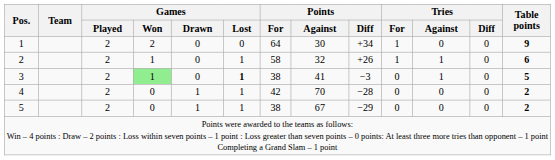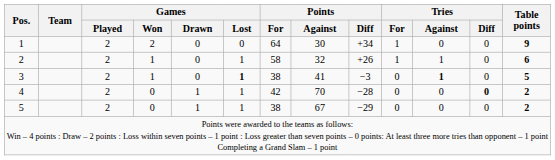 <table class="wikitable" style="text-align:center">
 <tr>
 <th rowspan="2">Pos.</th>
 <th rowspan="2">Team</th>
 <th colspan="4">Games</th>
 <th colspan="3">Points</th>
 <th colspan="3">Tries</th>
 <th rowspan="2">Table<br>points</th>
 </tr>
 <tr>
 <th>Played</th>
 <th>Won</th>
 <th>Drawn</th>
 <th>Lost</th>
 <th>For</th>
 <th>Against</th>
 <th>Diff</th>
 <th>For</th>
 <th>Against</th>
 <th>Diff</th>
 </tr>
 <tr>
 <td>1</td>
 <td align=left></td>
 <td>2</td>
 <td>2</td>
 <td>0</td>
 <td>0</td>
 <td>64</td>
 <td>30</td>
 <td>+34</td>
 <td>1</td>
 <td>0</td>
 <td>0</td>
 <td><strong>9</strong></td>
 </tr>
 <tr>
 <td>2</td>
 <td align=left></td>
 <td>2</td>
 <td>1</td>
 <td>0</td>
 <td>1</td>
 <td>58</td>
 <td>32</td>
 <td>+26</td>
 <td>1</td>
 <td>1</td>
 <td>0</td>
 <td><strong>6</strong></td>
 </tr>
 <tr>
 <td>3</td>
 <td align=left></td>
 <td>2</td>
-<td style="background: lightgreen;">1</td>
+<td>1</td>
 <td>0</td>
 <td><strong>1</strong></td>
 <td>38</td>
 <td>41</td>
 <td>−3</td>
 <td>0</td>
-<td>1</td>
+<td><strong>1</strong></td>
 <td>0</td>
 <td><strong>5</strong></td>
 </tr>
 <tr>
 <td>4</td>
 <td align=left></td>
 <td>2</td>
 <td>0</td>
 <td>1</td>
 <td>1</td>
 <td>42</td>
 <td>70</td>
 <td>−28</td>
 <td>0</td>
 <td>0</td>
-<td>0</td>
+<td><strong>0</strong></td>
 <td><strong>2</strong></td>
 </tr>
 <tr>
 <td>5</td>
 <td align=left></td>
 <td>2</td>
 <td>0</td>
 <td>1</td>
 <td>1</td>
 <td>38</td>
 <td>67</td>
 <td>−29</td>
 <td>0</td>
 <td>0</td>
 <td>0</td>
 <td><strong>2</strong></td>
 </tr>
 <tr>
 <td colspan="13"><small>Points were awarded to the teams as follows:<br>Win – 4 points : Draw – 2 points : Loss within seven points – 1 point : Loss greater than seven points – 0 points: At least three more tries than opponent – 1 point<br>Completing a Grand Slam – 1 point </small></td>
 </tr>
 </table>
